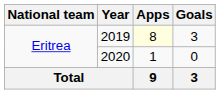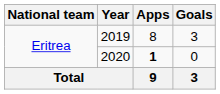 <table class="wikitable" style="text-align:center">
 <tr>
 <th>National team</th>
 <th>Year</th>
 <th>Apps</th>
 <th>Goals</th>
 </tr>
 <tr>
 <td rowspan="2"><a href='#'>Eritrea</a></td>
 <td>2019</td>
-<td style="background: lightyellow;">8</td>
+<td>8</td>
 <td>3</td>
 </tr>
 <tr>
 <td>2020</td>
-<td>1</td>
+<td><strong>1</strong></td>
 <td>0</td>
 </tr>
 <tr>
 <th colspan="2">Total</th>
 <th>9</th>
 <th>3</th>
 </tr>
 </table>
